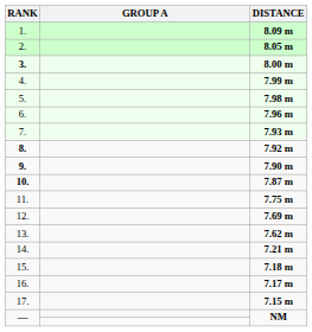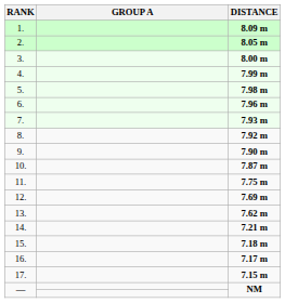 <table class="wikitable" style="border-collapse: collapse; font-size: 90%;">
 <tr>
 <th>RANK</th>
 <th style="width: 20em">GROUP A</th>
 <th style="width: 5em">DISTANCE</th>
 </tr>
 <tr style="background:#ccffcc;">
 <td align="center">1.</td>
 <td></td>
 <td align="center"><strong>8.09 m </strong></td>
 </tr>
 <tr style="background:#ccffcc;">
 <td align="center">2.</td>
 <td></td>
 <td align="center"><strong>8.05 m </strong></td>
 </tr>
 <tr style="background:#eeffee;">
-<td align="center"><strong>3.</strong></td>
+<td align="center">3.</td>
 <td></td>
 <td align="center"><strong>8.00 m </strong></td>
 </tr>
 <tr style="background:#eeffee;">
 <td align="center">4.</td>
 <td></td>
 <td align="center"><strong>7.99 m </strong></td>
 </tr>
 <tr style="background:#eeffee;">
 <td align="center">5.</td>
 <td></td>
 <td align="center"><strong>7.98 m </strong></td>
 </tr>
 <tr style="background:#eeffee;">
 <td align="center">6.</td>
 <td></td>
 <td align="center"><strong>7.96 m </strong></td>
 </tr>
 <tr style="background:#eeffee;">
 <td align="center">7.</td>
 <td></td>
 <td align="center"><strong>7.93 m </strong></td>
 </tr>
 <tr>
-<td align="center"><strong>8.</strong></td>
+<td align="center">8.</td>
 <td></td>
 <td align="center"><strong>7.92 m </strong></td>
 </tr>
 <tr>
-<td align="center"><strong>9.</strong></td>
+<td align="center">9.</td>
 <td></td>
 <td align="center"><strong>7.90 m </strong></td>
 </tr>
 <tr>
-<td align="center"><strong>10.</strong></td>
+<td align="center">10.</td>
 <td></td>
 <td align="center"><strong>7.87 m </strong></td>
 </tr>
 <tr>
 <td align="center">11.</td>
 <td></td>
 <td align="center"><strong>7.75 m </strong></td>
 </tr>
 <tr>
 <td align="center">12.</td>
 <td></td>
 <td align="center"><strong>7.69 m </strong></td>
 </tr>
 <tr>
 <td align="center">13.</td>
 <td></td>
 <td align="center"><strong>7.62 m </strong></td>
 </tr>
 <tr>
 <td align="center">14.</td>
 <td></td>
 <td align="center"><strong>7.21 m </strong></td>
 </tr>
 <tr>
 <td align="center">15.</td>
 <td></td>
 <td align="center"><strong>7.18 m </strong></td>
 </tr>
 <tr>
 <td align="center">16.</td>
 <td></td>
 <td align="center"><strong>7.17 m </strong></td>
 </tr>
 <tr>
 <td align="center">17.</td>
 <td></td>
 <td align="center"><strong>7.15 m </strong></td>
 </tr>
 <tr>
 <td rowspan=2 align="center">—</td>
 <td></td>
 <td rowspan=2 align="center"><strong>NM</strong></td>
 </tr>
 <tr>
 <td></td>
 </tr>
 </table>
